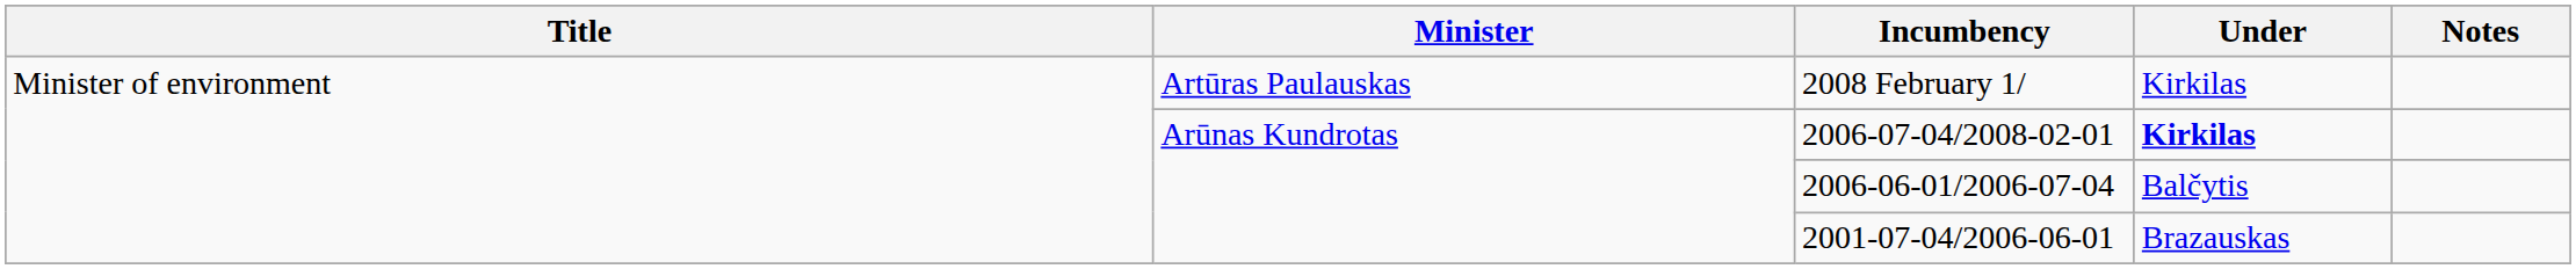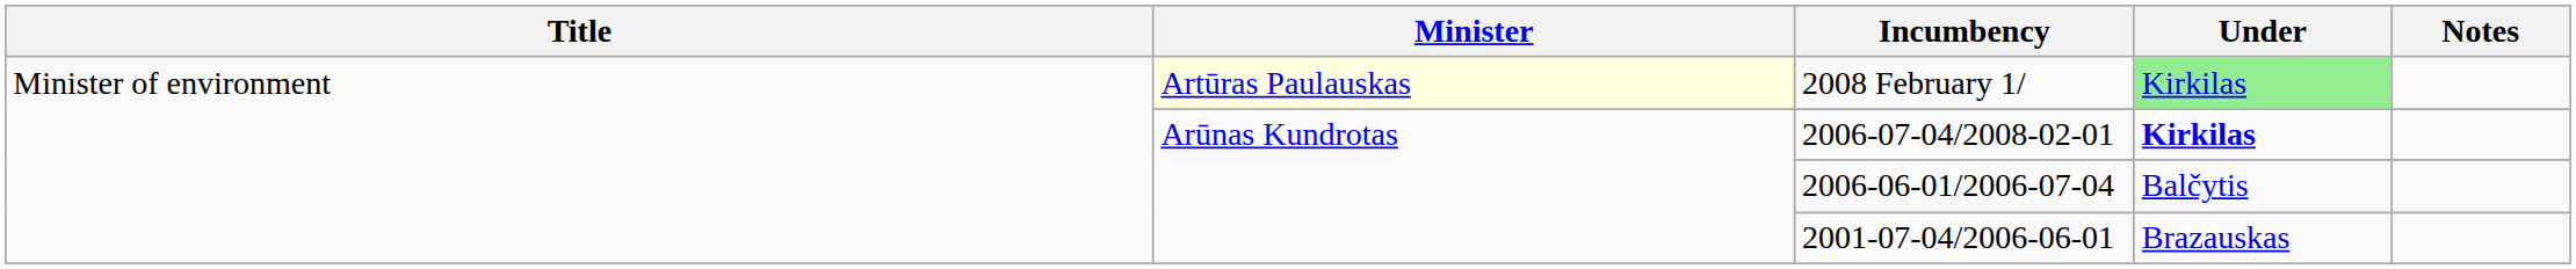 <table class="wikitable" style="width:100%;">
 <tr>
 <th>Title</th>
 <th style="width:25%;"><a href='#'>Minister</a></th>
 <th style="width:160px;">Incumbency</th>
 <th style="width:10%;">Under</th>
 <th style="width:7%;">Notes</th>
 </tr>
 <tr>
 <td rowspan="4" style="vertical-align:top;">Minister of environment</td>
-<td valign="top"><a href='#'>Artūras Paulauskas</a></td>
+<td valign="top" style="background: lightyellow;"><a href='#'>Artūras Paulauskas</a></td>
 <td valign="top">2008 February 1/</td>
-<td valign="top"><a href='#'>Kirkilas</a></td>
+<td valign="top" style="background: lightgreen;"><a href='#'>Kirkilas</a></td>
 <td></td>
 </tr>
 <tr>
 <td rowspan="3" style="vertical-align:top;"><a href='#'>Arūnas Kundrotas</a></td>
 <td>2006-07-04/2008-02-01</td>
 <td><strong><a href='#'>Kirkilas</a></strong></td>
 <td></td>
 </tr>
 <tr>
 <td>2006-06-01/2006-07-04</td>
 <td><a href='#'>Balčytis</a></td>
 <td></td>
 </tr>
 <tr>
 <td>2001-07-04/2006-06-01</td>
 <td rowspan="2" style="vertical-align:top;"><a href='#'>Brazauskas</a></td>
 <td></td>
 </tr>
 </table>
